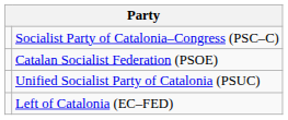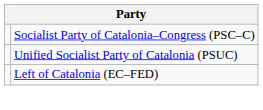 <table class="wikitable" style="text-align:left;">
 <tr>
 <th colspan="2">Party</th>
 </tr>
 <tr>
 <td width="1"></td>
 <td><a href='#'>Socialist Party of Catalonia–Congress</a> (PSC–C)</td>
 </tr>
 <tr>
 <td></td>
-<td><a href='#'>Catalan Socialist Federation</a> (PSOE)</td>
-</tr>
-<tr>
-<td></td>
 <td><a href='#'>Unified Socialist Party of Catalonia</a> (PSUC)</td>
 </tr>
 <tr>
 <td></td>
 <td><a href='#'>Left of Catalonia</a> (EC–FED)</td>
 </tr>
 </table>
